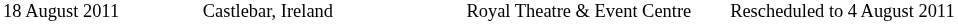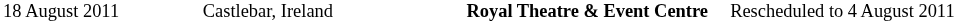 <table cellpadding="2" style="border:0 solid darkgrey; font-size:90%">
 <tr>
 <th style="width:150px;"></th>
 <th style="width:200px;"></th>
 <th style="width:200px;"></th>
 <th style="width:700px;"></th>
 </tr>
 <tr border="0">
 </tr>
 <tr>
 <td>18 August 2011</td>
 <td>Castlebar, Ireland</td>
-<td>Royal Theatre & Event Centre</td>
+<td><strong>Royal Theatre & Event Centre</strong></td>
 <td>Rescheduled to 4 August 2011</td>
 </tr>
 <tr>
 </tr>
 </table>
